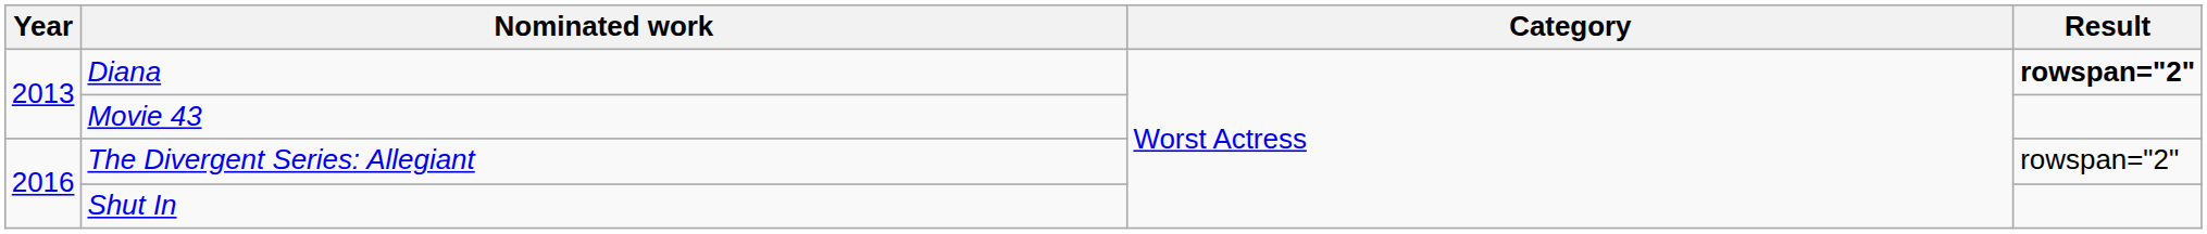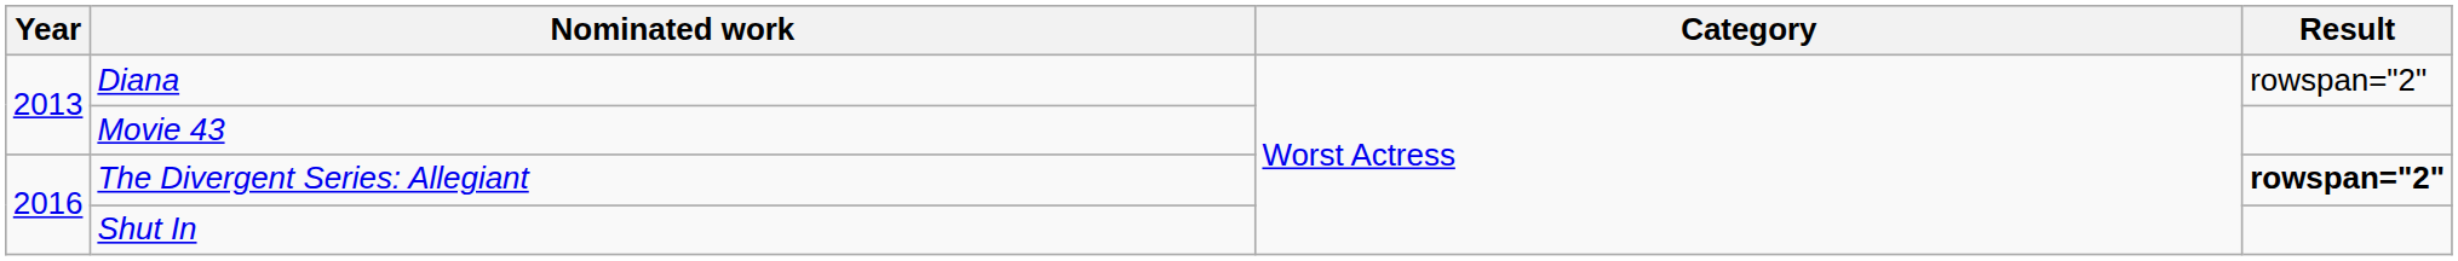 <table class=wikitable>
 <tr>
 <th scope="col" style="width:1em;">Year</th>
 <th scope="col" style="width:39em;">Nominated work</th>
 <th scope="col" style="width:33em;">Category</th>
 <th scope="col" style="width:5em;">Result</th>
 </tr>
 <tr>
 <td rowspan="2"><a href='#'>2013</a></td>
 <td><em><a href='#'>Diana</a></em></td>
 <td rowspan="4"><a href='#'>Worst Actress</a></td>
-<td><strong>rowspan="2" </strong></td>
+<td>rowspan="2" </td>
 </tr>
 <tr>
 <td><em><a href='#'>Movie 43</a></em></td>
 </tr>
 <tr>
 <td rowspan="2"><a href='#'>2016</a></td>
 <td><em><a href='#'>The Divergent Series: Allegiant</a></em></td>
-<td>rowspan="2"  </td>
+<td><strong>rowspan="2"  </strong></td>
 </tr>
 <tr>
 <td><em><a href='#'>Shut In</a></em></td>
 </tr>
 </table>
